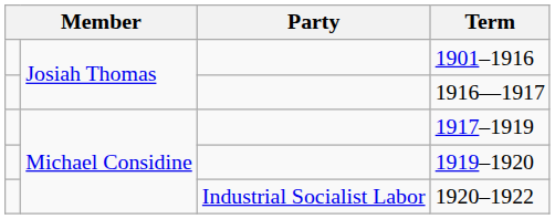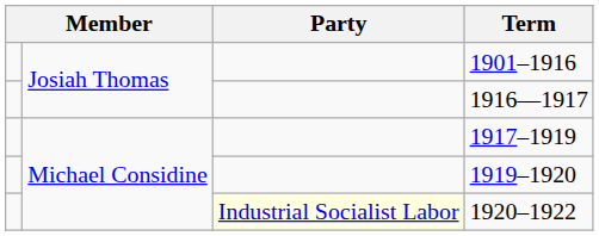 <table class="wikitable">
 <tr>
 <th colspan="2">Member</th>
 <th>Party</th>
 <th>Term</th>
 </tr>
 <tr>
 <td> </td>
 <td rowspan="2"><a href='#'>Josiah Thomas</a></td>
 <td></td>
 <td><a href='#'>1901</a>–1916</td>
 </tr>
 <tr>
 <td> </td>
 <td></td>
 <td>1916—1917</td>
 </tr>
 <tr>
 <td> </td>
 <td rowspan="3"><a href='#'>Michael Considine</a></td>
 <td></td>
 <td><a href='#'>1917</a>–1919</td>
 </tr>
 <tr>
 <td> </td>
 <td></td>
 <td><a href='#'>1919</a>–1920</td>
 </tr>
 <tr>
 <td> </td>
-<td><a href='#'>Industrial Socialist Labor</a></td>
+<td style="background: lightyellow;"><a href='#'>Industrial Socialist Labor</a></td>
 <td>1920–1922</td>
 </tr>
 </table>
